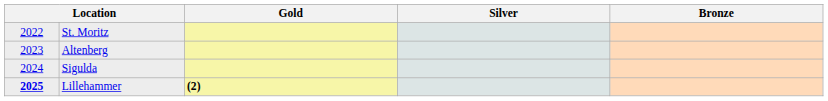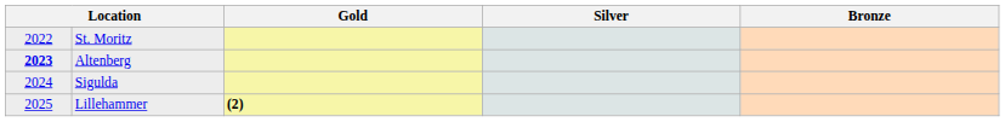 <table class="wikitable sortable" width="90%">
 <tr style="background-color:#EDEDED;">
 <th class="hintergrundfarbe6" style="width:22%;" colspan=2>Location</th>
 <th bgcolor=gold style="width:26%;" class="unsortable">Gold</th>
 <th bgcolor=silver style="width:26%;" class="unsortable">Silver</th>
 <th bgcolor="#CC9966" style="width:26%;" class="unsortable">Bronze</th>
 </tr>
 <tr>
 <td align="center" bgcolor="#EDEDED"><a href='#'>2022</a></td>
 <td bgcolor="#EDEDED"> <a href='#'>St. Moritz</a></td>
 <td bgcolor="#F7F6A8"></td>
 <td bgcolor="#DCE5E5"></td>
 <td bgcolor="#FFDAB9"></td>
 </tr>
 <tr>
-<td align="center" bgcolor="#EDEDED"><a href='#'>2023</a></td>
+<td align="center" bgcolor="#EDEDED"><strong><a href='#'>2023</a></strong></td>
 <td bgcolor="#EDEDED"> <a href='#'>Altenberg</a></td>
 <td bgcolor="#F7F6A8"></td>
 <td bgcolor="#DCE5E5"></td>
 <td bgcolor="#FFDAB9"></td>
 </tr>
 <tr>
 <td align="center" bgcolor="#EDEDED"><a href='#'>2024</a></td>
 <td bgcolor="#EDEDED"> <a href='#'>Sigulda</a></td>
 <td bgcolor="#F7F6A8"></td>
 <td bgcolor="#DCE5E5"></td>
 <td bgcolor="#FFDAB9"></td>
 </tr>
 <tr>
-<td align="center" bgcolor="#EDEDED"><strong><a href='#'>2025</a></strong></td>
+<td align="center" bgcolor="#EDEDED"><a href='#'>2025</a></td>
 <td bgcolor="#EDEDED"> <a href='#'>Lillehammer</a></td>
 <td bgcolor="#F7F6A8"> <strong>(2)</strong></td>
 <td bgcolor="#DCE5E5"></td>
 <td bgcolor="#FFDAB9"></td>
 </tr>
 </table>
